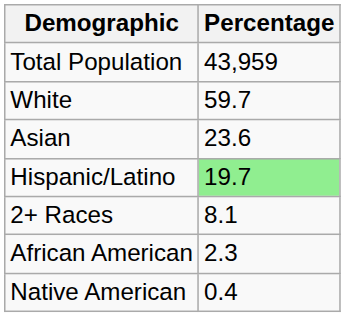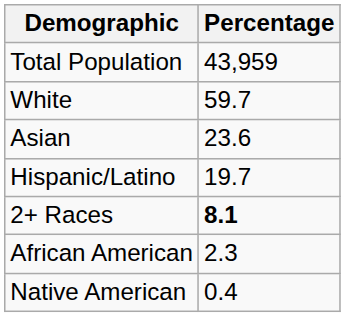 <table class="wikitable sortable">
 <tr>
 <th>Demographic</th>
 <th>Percentage</th>
 </tr>
 <tr>
 <td>Total Population</td>
 <td>43,959</td>
 </tr>
 <tr>
 <td>White</td>
 <td>59.7</td>
 </tr>
 <tr>
 <td>Asian</td>
 <td>23.6</td>
 </tr>
 <tr>
 <td>Hispanic/Latino</td>
-<td style="background: lightgreen;">19.7</td>
+<td>19.7</td>
 </tr>
 <tr>
 <td>2+ Races</td>
-<td>8.1</td>
+<td><strong>8.1</strong></td>
 </tr>
 <tr>
 <td>African American</td>
 <td>2.3</td>
 </tr>
 <tr>
 <td>Native American</td>
 <td>0.4</td>
 </tr>
 </table>
